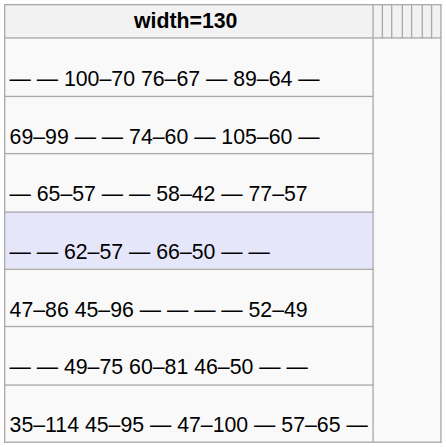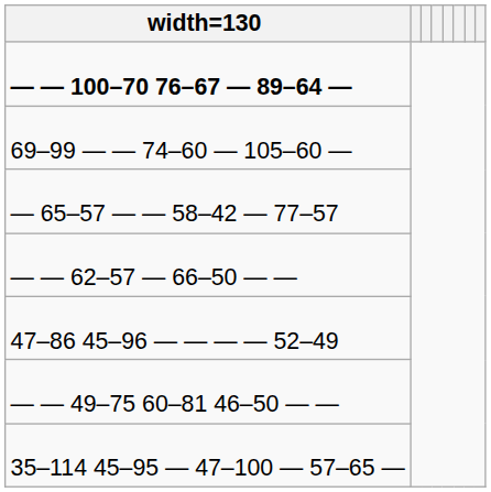 <table class="wikitable" style="text-align:center;">
 <tr>
 <th>width=130 </th>
 <th></th>
 <th></th>
 <th></th>
 <th></th>
 <th></th>
 <th></th>
 <th></th>
 </tr>
 <tr>
-<td style="text-align:left;"><br> —  —  100–70  76–67  —  89–64  —</td>
+<td style="text-align:left;"><strong><br> —  —  100–70  76–67  —  89–64  —</strong></td>
 </tr>
 <tr>
 <td style="text-align:left;"><br> 69–99  —  —  74–60  —  105–60  —</td>
 </tr>
 <tr>
 <td style="text-align:left;"><br> —  65–57  —  —  58–42  —  77–57</td>
 </tr>
 <tr>
-<td style="background: lavender; text-align:left;"><br> —  —  62–57  —  66–50  —  —</td>
+<td style="text-align:left;"><br> —  —  62–57  —  66–50  —  —</td>
 </tr>
 <tr>
 <td style="text-align:left;"><br> 47–86  45–96  —  —  —  —  52–49</td>
 </tr>
 <tr>
 <td style="text-align:left;"><br> —  —  49–75  60–81  46–50  —  —</td>
 </tr>
 <tr>
 <td style="text-align:left;"><br> 35–114  45–95  —  47–100  —  57–65  —</td>
 </tr>
 </table>
